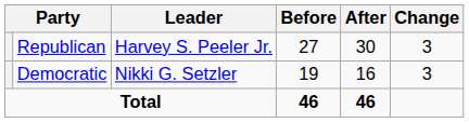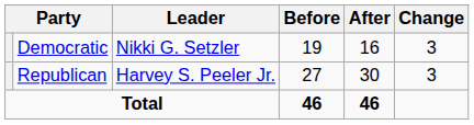 <table class="wikitable" style="text-align:center;">
 <tr>
 </tr>
 <tr>
 <th colspan=2>Party</th>
 <th>Leader</th>
 <th>Before</th>
 <th>After</th>
 <th>Change</th>
 </tr>
 <tr>
 <th style="background-color:"></th>
+<td style="text-align:left;"><a href='#'>Democratic</a></td>
+<td style="text-align:left;"><a href='#'>Nikki G. Setzler</a></td>
+<td>19</td>
+<td>16</td>
+<td> 3</td>
+</tr>
+<tr>
+<th style="background-color:"></th>
 <td style="text-align:left;"><a href='#'>Republican</a></td>
 <td style="text-align:left;"><a href='#'>Harvey S. Peeler Jr.</a></td>
 <td>27</td>
 <td>30</td>
-<td> 3</td>
-</tr>
-<tr>
-<th style="background-color:"></th>
-<td style="text-align:left;"><a href='#'>Democratic</a></td>
-<td style="text-align:left;"><a href='#'>Nikki G. Setzler</a></td>
-<td>19</td>
-<td>16</td>
 <td> 3</td>
 </tr>
 <tr>
 <td colspan=3><strong>Total</strong></td>
 <td><strong>46</strong></td>
 <td><strong>46</strong></td>
 <td></td>
 </tr>
 </table>
